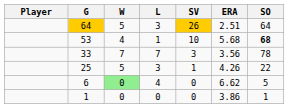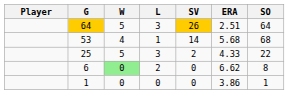 <table class="wikitable sortable">
 <tr>
 <th bgcolor="#DDDDFF" width="16%">Player</th>
 <th bgcolor="#DDDDFF" width="9%">G</th>
 <th bgcolor="#DDDDFF" width="9%">W</th>
 <th bgcolor="#DDDDFF" width="9%">L</th>
 <th bgcolor="#DDDDFF" width="9%">SV</th>
 <th bgcolor="#DDDDFF" width="9%">ERA</th>
 <th bgcolor="#DDDDFF" width="9%">SO</th>
 </tr>
 <tr align="center">
 <td></td>
 <td style="background:#fc0;">64</td>
 <td>5</td>
 <td>3</td>
 <td style="background:#fc0;">26</td>
 <td>2.51</td>
 <td>64</td>
 </tr>
 <tr align="center">
 <td></td>
 <td>53</td>
 <td>4</td>
 <td>1</td>
-<td>10</td>
+<td>14</td>
 <td>5.68</td>
-<td><strong>68</strong></td>
-</tr>
-<tr align="center">
-<td></td>
-<td>33</td>
-<td>7</td>
-<td>7</td>
-<td>3</td>
-<td>3.56</td>
-<td>78</td>
+<td>68</td>
 </tr>
 <tr align="center">
 <td></td>
 <td>25</td>
 <td>5</td>
 <td>3</td>
-<td>1</td>
-<td>4.26</td>
+<td>2</td>
+<td>4.33</td>
 <td>22</td>
 </tr>
 <tr align="center">
 <td></td>
 <td>6</td>
 <td style="background: lightgreen;">0</td>
-<td>4</td>
+<td>2</td>
 <td>0</td>
 <td>6.62</td>
-<td>5</td>
+<td>8</td>
 </tr>
 <tr align="center">
 <td></td>
 <td>1</td>
 <td>0</td>
 <td>0</td>
 <td>0</td>
 <td>3.86</td>
 <td>1</td>
 </tr>
 </table>
